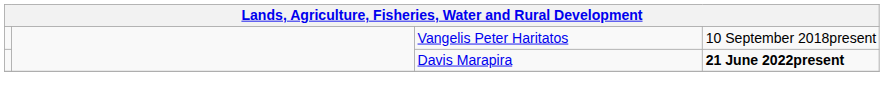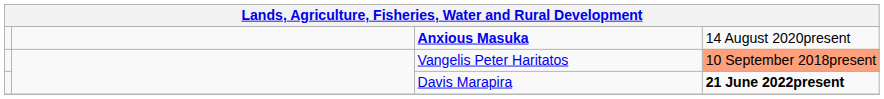 <table class="wikitable">
 <tr>
 <th colspan="4"><a href='#'>Lands, Agriculture, Fisheries, Water and Rural Development</a></th>
 </tr>
 <tr>
+<td></td>
+<td style="width: 450px;"></td>
+<td style="width: 320px;"> <strong><a href='#'>Anxious Masuka</a></strong></td>
+<td>14 August 2020present</td>
+</tr>
+<tr>
 <td style="width: 1px; background: "></td>
 <td rowspan="2" style="width: 450px;"></td>
 <td style="width: 320px;"> <a href='#'>Vangelis Peter Haritatos</a></td>
-<td>10 September 2018present</td>
+<td style="background: lightsalmon;">10 September 2018present</td>
 </tr>
 <tr>
 <td style="width: 1px; background: "></td>
 <td style="width: 320px;"> <a href='#'>Davis Marapira</a></td>
 <td><strong>21 June 2022present</strong></td>
 </tr>
 <tr>
 </tr>
 </table>
